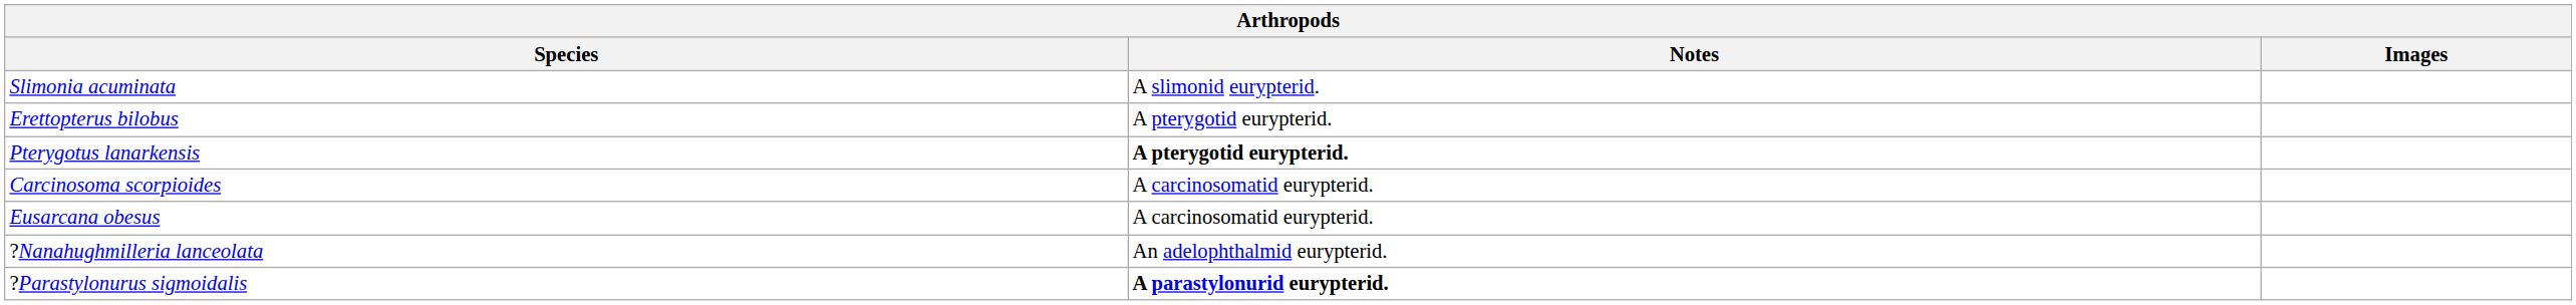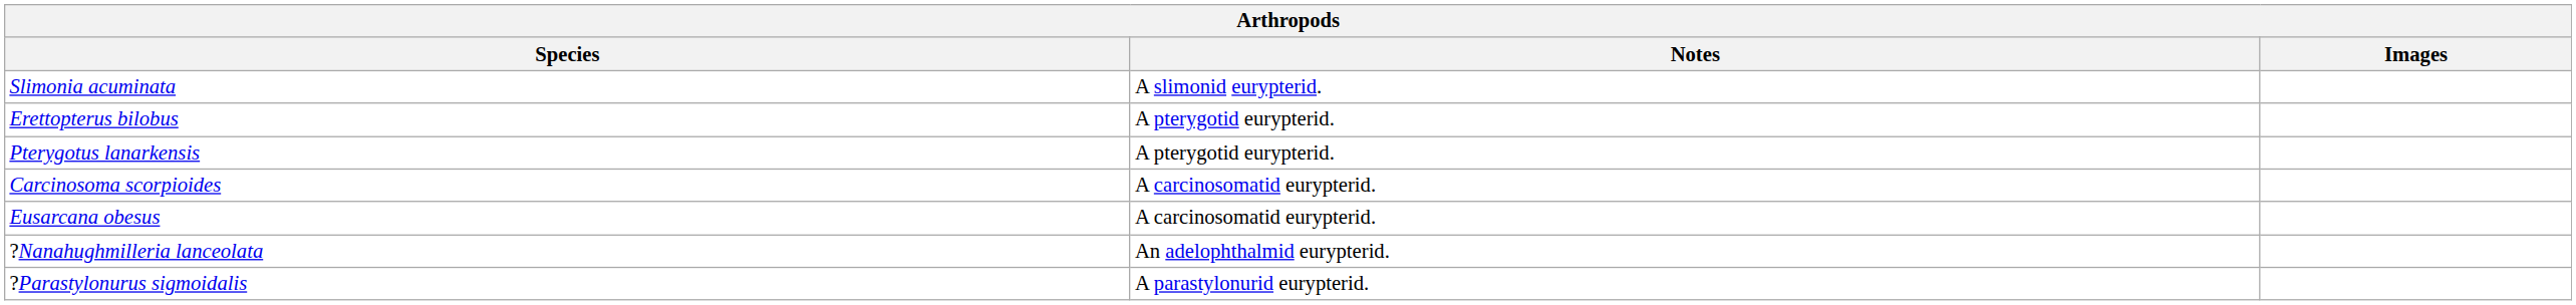 <table class="wikitable sortable" style="background:white; width:100%;">
 <tr>
 <th colspan="4" align="center">Arthropods</th>
 </tr>
 <tr>
 <th>Species</th>
 <th>Notes</th>
 <th>Images</th>
 </tr>
 <tr>
 <td><em><a href='#'>Slimonia acuminata</a></em></td>
 <td>A <a href='#'>slimonid</a> <a href='#'>eurypterid</a>.</td>
 <td></td>
 </tr>
 <tr>
 <td><em><a href='#'>Erettopterus bilobus</a></em></td>
 <td>A <a href='#'>pterygotid</a> eurypterid.</td>
 <td></td>
 </tr>
 <tr>
 <td><em><a href='#'>Pterygotus lanarkensis</a></em></td>
-<td><strong>A pterygotid eurypterid.</strong></td>
+<td>A pterygotid eurypterid.</td>
 <td></td>
 </tr>
 <tr>
 <td><em><a href='#'>Carcinosoma scorpioides</a></em></td>
 <td>A <a href='#'>carcinosomatid</a> eurypterid.</td>
 <td></td>
 </tr>
 <tr>
 <td><em><a href='#'>Eusarcana obesus</a></em></td>
 <td>A carcinosomatid eurypterid.</td>
 <td></td>
 </tr>
 <tr>
 <td>?<em><a href='#'>Nanahughmilleria lanceolata</a></em></td>
 <td>An <a href='#'>adelophthalmid</a> eurypterid.</td>
 <td></td>
 </tr>
 <tr>
 <td>?<em><a href='#'>Parastylonurus sigmoidalis</a></em></td>
-<td><strong>A <a href='#'>parastylonurid</a> eurypterid.</strong></td>
+<td>A <a href='#'>parastylonurid</a> eurypterid.</td>
 <td></td>
 </tr>
 </table>
